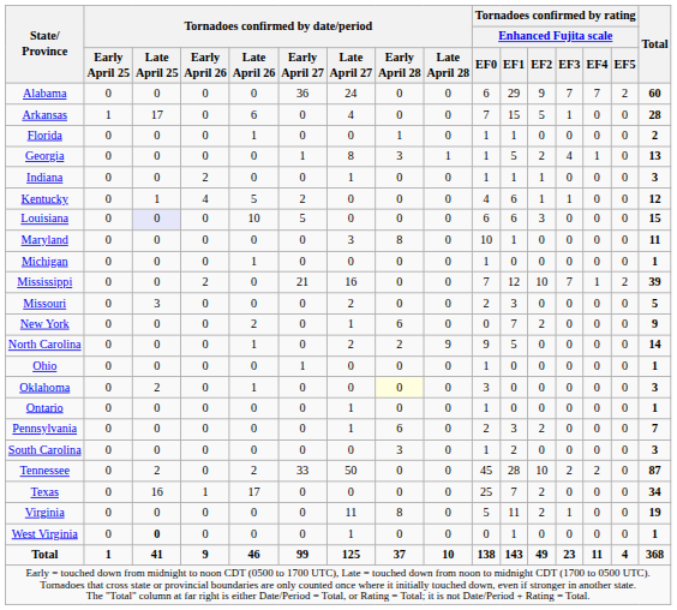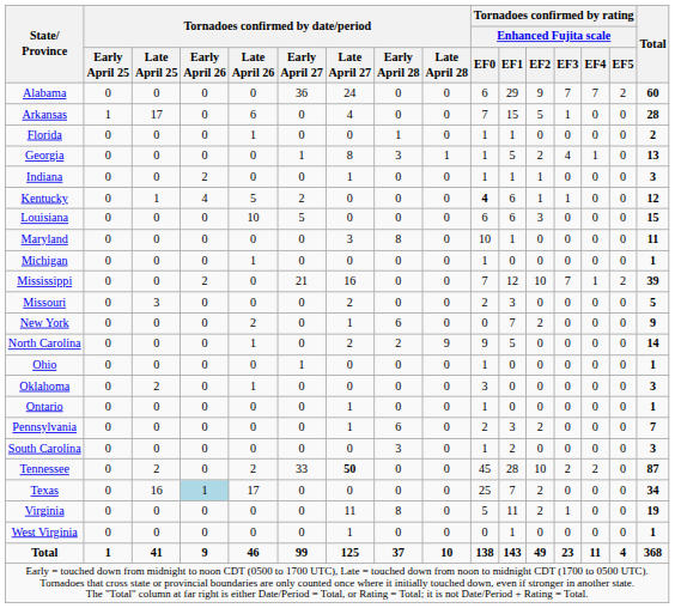 <table class="wikitable" style="text-align:center;font-size: 9pt">
 <tr>
 <th rowspan="3">State/<br>Province</th>
 <th colspan="8" rowspan="2">Tornadoes confirmed by date/period</th>
 <th colspan="6">Tornadoes confirmed by rating</th>
 <th rowspan="3"><strong>Total</strong></th>
 </tr>
 <tr>
 <th colspan=6><a href='#'>Enhanced Fujita scale</a></th>
 </tr>
 <tr>
 <th>Early<br>April 25</th>
 <th>Late<br>April 25</th>
 <th>Early<br>April 26</th>
 <th>Late<br>April 26</th>
 <th>Early<br>April 27</th>
 <th>Late<br>April 27</th>
 <th>Early<br>April 28</th>
 <th>Late<br>April 28</th>
 <th>EF0</th>
 <th>EF1</th>
 <th>EF2</th>
 <th>EF3</th>
 <th>EF4</th>
 <th>EF5</th>
 </tr>
 <tr>
 <td><a href='#'>Alabama</a></td>
 <td align="center">0</td>
 <td align="center">0</td>
 <td align="center">0</td>
 <td align="center">0</td>
 <td align="center">36</td>
 <td align="center">24</td>
 <td align="center">0</td>
 <td align="center">0</td>
 <td align="center">6</td>
 <td align="center">29</td>
 <td align="center">9</td>
 <td align="center">7</td>
 <td align="center">7</td>
 <td align="center">2</td>
 <td align="center"><strong>60</strong></td>
 </tr>
 <tr>
 <td><a href='#'>Arkansas</a></td>
 <td align="center">1</td>
 <td align="center">17</td>
 <td align="center">0</td>
 <td align="center">6</td>
 <td align="center">0</td>
 <td align="center">4</td>
 <td align="center">0</td>
 <td align="center">0</td>
 <td align="center">7</td>
 <td align="center">15</td>
 <td align="center">5</td>
 <td align="center">1</td>
 <td align="center">0</td>
 <td align="center">0</td>
 <td align="center"><strong>28</strong></td>
 </tr>
 <tr>
 <td><a href='#'>Florida</a></td>
 <td align="center">0</td>
 <td align="center">0</td>
 <td align="center">0</td>
 <td align="center">1</td>
 <td align="center">0</td>
 <td align="center">0</td>
 <td align="center">1</td>
 <td align="center">0</td>
 <td align="center">1</td>
 <td align="center">1</td>
 <td align="center">0</td>
 <td align="center">0</td>
 <td align="center">0</td>
 <td align="center">0</td>
 <td align="center"><strong>2</strong></td>
 </tr>
 <tr>
 <td><a href='#'>Georgia</a></td>
 <td align="center">0</td>
 <td align="center">0</td>
 <td align="center">0</td>
 <td align="center">0</td>
 <td align="center">1</td>
 <td align="center">8</td>
 <td align="center">3</td>
 <td align="center">1</td>
 <td align="center">1</td>
 <td align="center">5</td>
 <td align="center">2</td>
 <td align="center">4</td>
 <td align="center">1</td>
 <td align="center">0</td>
 <td align="center"><strong>13</strong></td>
 </tr>
 <tr>
 <td><a href='#'>Indiana</a></td>
 <td align="center">0</td>
 <td align="center">0</td>
 <td align="center">2</td>
 <td align="center">0</td>
 <td align="center">0</td>
 <td align="center">1</td>
 <td align="center">0</td>
 <td align="center">0</td>
 <td align="center">1</td>
 <td align="center">1</td>
 <td align="center">1</td>
 <td align="center">0</td>
 <td align="center">0</td>
 <td align="center">0</td>
 <td align="center"><strong>3</strong></td>
 </tr>
 <tr>
 <td><a href='#'>Kentucky</a></td>
 <td align="center">0</td>
 <td align="center">1</td>
 <td align="center">4</td>
 <td align="center">5</td>
 <td align="center">2</td>
 <td align="center">0</td>
 <td align="center">0</td>
 <td align="center">0</td>
-<td align="center">4</td>
+<td align="center"><strong>4</strong></td>
 <td align="center">6</td>
 <td align="center">1</td>
 <td align="center">1</td>
 <td align="center">0</td>
 <td align="center">0</td>
 <td align="center"><strong>12</strong></td>
 </tr>
 <tr>
 <td><a href='#'>Louisiana</a></td>
 <td align="center">0</td>
-<td align="center" style="background: lavender;">0</td>
+<td align="center">0</td>
 <td align="center">0</td>
 <td align="center">10</td>
 <td align="center">5</td>
 <td align="center">0</td>
 <td align="center">0</td>
 <td align="center">0</td>
 <td align="center">6</td>
 <td align="center">6</td>
 <td align="center">3</td>
 <td align="center">0</td>
 <td align="center">0</td>
 <td align="center">0</td>
 <td align="center"><strong>15</strong></td>
 </tr>
 <tr>
 <td><a href='#'>Maryland</a></td>
 <td align="center">0</td>
 <td align="center">0</td>
 <td align="center">0</td>
 <td align="center">0</td>
 <td align="center">0</td>
 <td align="center">3</td>
 <td align="center">8</td>
 <td align="center">0</td>
 <td align="center">10</td>
 <td align="center">1</td>
 <td align="center">0</td>
 <td align="center">0</td>
 <td align="center">0</td>
 <td align="center">0</td>
 <td align="center"><strong>11</strong></td>
 </tr>
 <tr>
 <td><a href='#'>Michigan</a></td>
 <td align="center">0</td>
 <td align="center">0</td>
 <td align="center">0</td>
 <td align="center">1</td>
 <td align="center">0</td>
 <td align="center">0</td>
 <td align="center">0</td>
 <td align="center">0</td>
 <td align="center">1</td>
 <td align="center">0</td>
 <td align="center">0</td>
 <td align="center">0</td>
 <td align="center">0</td>
 <td align="center">0</td>
 <td align="center"><strong>1</strong></td>
 </tr>
 <tr>
 <td><a href='#'>Mississippi</a></td>
 <td align="center">0</td>
 <td align="center">0</td>
 <td align="center">2</td>
 <td align="center">0</td>
 <td align="center">21</td>
 <td align="center">16</td>
 <td align="center">0</td>
 <td align="center">0</td>
 <td align="center">7</td>
 <td align="center">12</td>
 <td align="center">10</td>
 <td align="center">7</td>
 <td align="center">1</td>
 <td align="center">2</td>
 <td align="center"><strong>39</strong></td>
 </tr>
 <tr>
 <td><a href='#'>Missouri</a></td>
 <td align="center">0</td>
 <td align="center">3</td>
 <td align="center">0</td>
 <td align="center">0</td>
 <td align="center">0</td>
 <td align="center">2</td>
 <td align="center">0</td>
 <td align="center">0</td>
 <td align="center">2</td>
 <td align="center">3</td>
 <td align="center">0</td>
 <td align="center">0</td>
 <td align="center">0</td>
 <td align="center">0</td>
 <td align="center"><strong>5</strong></td>
 </tr>
 <tr>
 <td><a href='#'>New York</a></td>
 <td align="center">0</td>
 <td align="center">0</td>
 <td align="center">0</td>
 <td align="center">2</td>
 <td align="center">0</td>
 <td align="center">1</td>
 <td align="center">6</td>
 <td align="center">0</td>
 <td align="center">0</td>
 <td align="center">7</td>
 <td align="center">2</td>
 <td align="center">0</td>
 <td align="center">0</td>
 <td align="center">0</td>
 <td align="center"><strong>9</strong></td>
 </tr>
 <tr>
 <td><a href='#'>North Carolina</a></td>
 <td align="center">0</td>
 <td align="center">0</td>
 <td align="center">0</td>
 <td align="center">1</td>
 <td align="center">0</td>
 <td align="center">2</td>
 <td align="center">2</td>
 <td align="center">9</td>
 <td align="center">9</td>
 <td align="center">5</td>
 <td align="center">0</td>
 <td align="center">0</td>
 <td align="center">0</td>
 <td align="center">0</td>
 <td align="center"><strong>14</strong></td>
 </tr>
 <tr>
 <td><a href='#'>Ohio</a></td>
 <td align="center">0</td>
 <td align="center">0</td>
 <td align="center">0</td>
 <td align="center">0</td>
 <td align="center">1</td>
 <td align="center">0</td>
 <td align="center">0</td>
 <td align="center">0</td>
 <td align="center">1</td>
 <td align="center">0</td>
 <td align="center">0</td>
 <td align="center">0</td>
 <td align="center">0</td>
 <td align="center">0</td>
 <td align="center"><strong>1</strong></td>
 </tr>
 <tr>
 <td><a href='#'>Oklahoma</a></td>
 <td align="center">0</td>
 <td align="center">2</td>
 <td align="center">0</td>
 <td align="center">1</td>
 <td align="center">0</td>
 <td align="center">0</td>
-<td align="center" style="background: lightyellow;">0</td>
+<td align="center">0</td>
 <td align="center">0</td>
 <td align="center">3</td>
 <td align="center">0</td>
 <td align="center">0</td>
 <td align="center">0</td>
 <td align="center">0</td>
 <td align="center">0</td>
 <td align="center"><strong>3</strong></td>
 </tr>
 <tr>
 <td><a href='#'>Ontario</a></td>
 <td align="center">0</td>
 <td align="center">0</td>
 <td align="center">0</td>
 <td align="center">0</td>
 <td align="center">0</td>
 <td align="center">1</td>
 <td align="center">0</td>
 <td align="center">0</td>
 <td align="center">1</td>
 <td align="center">0</td>
 <td align="center">0</td>
 <td align="center">0</td>
 <td align="center">0</td>
 <td align="center">0</td>
 <td align="center"><strong>1</strong></td>
 </tr>
 <tr>
 <td><a href='#'>Pennsylvania</a></td>
 <td align="center">0</td>
 <td align="center">0</td>
 <td align="center">0</td>
 <td align="center">0</td>
 <td align="center">0</td>
 <td align="center">1</td>
 <td align="center">6</td>
 <td align="center">0</td>
 <td align="center">2</td>
 <td align="center">3</td>
 <td align="center">2</td>
 <td align="center">0</td>
 <td align="center">0</td>
 <td align="center">0</td>
 <td align="center"><strong>7</strong></td>
 </tr>
 <tr>
 <td><a href='#'>South Carolina</a></td>
 <td align="center">0</td>
 <td align="center">0</td>
 <td align="center">0</td>
 <td align="center">0</td>
 <td align="center">0</td>
 <td align="center">0</td>
 <td align="center">3</td>
 <td align="center">0</td>
 <td align="center">1</td>
 <td align="center">2</td>
 <td align="center">0</td>
 <td align="center">0</td>
 <td align="center">0</td>
 <td align="center">0</td>
 <td align="center"><strong>3</strong></td>
 </tr>
 <tr>
 <td><a href='#'>Tennessee</a></td>
 <td align="center">0</td>
 <td align="center">2</td>
 <td align="center">0</td>
 <td align="center">2</td>
 <td align="center">33</td>
-<td align="center">50</td>
+<td align="center"><strong>50</strong></td>
 <td align="center">0</td>
 <td align="center">0</td>
 <td align="center">45</td>
 <td align="center">28</td>
 <td align="center">10</td>
 <td align="center">2</td>
 <td align="center">2</td>
 <td align="center">0</td>
 <td align="center"><strong>87</strong></td>
 </tr>
 <tr>
 <td><a href='#'>Texas</a></td>
 <td align="center">0</td>
 <td align="center">16</td>
-<td align="center">1</td>
+<td align="center" style="background: lightblue;">1</td>
 <td align="center">17</td>
 <td align="center">0</td>
 <td align="center">0</td>
 <td align="center">0</td>
 <td align="center">0</td>
 <td align="center">25</td>
 <td align="center">7</td>
 <td align="center">2</td>
 <td align="center">0</td>
 <td align="center">0</td>
 <td align="center">0</td>
 <td align="center"><strong>34</strong></td>
 </tr>
 <tr>
 <td><a href='#'>Virginia</a></td>
 <td align="center">0</td>
 <td align="center">0</td>
 <td align="center">0</td>
 <td align="center">0</td>
 <td align="center">0</td>
 <td align="center">11</td>
 <td align="center">8</td>
 <td align="center">0</td>
 <td align="center">5</td>
 <td align="center">11</td>
 <td align="center">2</td>
 <td align="center">1</td>
 <td align="center">0</td>
 <td align="center">0</td>
 <td align="center"><strong>19</strong></td>
 </tr>
 <tr>
 <td><a href='#'>West Virginia</a></td>
 <td align="center">0</td>
-<td align="center"><strong>0</strong></td>
+<td align="center">0</td>
 <td align="center">0</td>
 <td align="center">0</td>
 <td align="center">0</td>
 <td align="center">1</td>
 <td align="center">0</td>
 <td align="center">0</td>
 <td align="center">0</td>
 <td align="center">1</td>
 <td align="center">0</td>
 <td align="center">0</td>
 <td align="center">0</td>
 <td align="center">0</td>
 <td align="center"><strong>1</strong></td>
 </tr>
 <tr>
 <td><strong>Total</strong></td>
 <td align="center"><strong>1</strong></td>
 <td align="center"><strong>41</strong></td>
 <td align="center"><strong>9</strong></td>
 <td align="center"><strong>46</strong></td>
 <td align="center"><strong>99</strong></td>
 <td align="center"><strong>125</strong></td>
 <td align="center"><strong>37</strong></td>
 <td align="center"><strong>10</strong></td>
 <td align="center"><strong>138</strong></td>
 <td align="center"><strong>143</strong></td>
 <td align="center"><strong>49</strong></td>
 <td align="center"><strong>23</strong></td>
 <td align="center"><strong>11</strong></td>
 <td align="center"><strong>4</strong></td>
 <td align="center"><strong>368</strong></td>
 </tr>
 <tr>
 <td align="center" colspan="30" style="font-size: 8pt">Early = touched down from midnight to noon CDT (0500 to 1700 UTC), Late = touched down from noon to midnight CDT (1700 to 0500 UTC).<br> Tornadoes that cross state or provincial boundaries are only counted once where it initially touched down, even if stronger in another state.<br> The "Total" column at far right is either Date/Period = Total, or Rating = Total; it is not Date/Period + Rating = Total.</td>
 </tr>
 </table>
